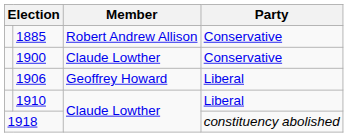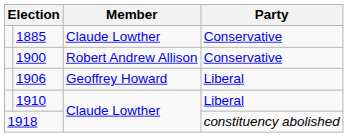 <table class="wikitable">
 <tr>
 <th colspan="2">Election</th>
 <th>Member</th>
 <th>Party</th>
 </tr>
 <tr>
 <td style="color:inherit;background-color: "></td>
 <td><a href='#'>1885</a></td>
-<td><a href='#'>Robert Andrew Allison</a></td>
+<td><a href='#'>Claude Lowther</a></td>
 <td><a href='#'>Conservative</a></td>
 </tr>
 <tr>
 <td style="color:inherit;background-color: "></td>
 <td><a href='#'>1900</a></td>
-<td><a href='#'>Claude Lowther</a></td>
+<td><a href='#'>Robert Andrew Allison</a></td>
 <td><a href='#'>Conservative</a></td>
 </tr>
 <tr>
 <td style="color:inherit;background-color: "></td>
 <td><a href='#'>1906</a></td>
 <td><a href='#'>Geoffrey Howard</a></td>
 <td><a href='#'>Liberal</a></td>
 </tr>
 <tr>
 <td style="color:inherit;background-color: "></td>
 <td><a href='#'>1910</a></td>
 <td rowspan="2"><a href='#'>Claude Lowther</a></td>
 <td><a href='#'>Liberal</a></td>
 </tr>
 <tr>
 <td colspan="2" align="left"><a href='#'>1918</a></td>
 <td colspan="2"><em>constituency abolished</em></td>
 </tr>
 </table>
